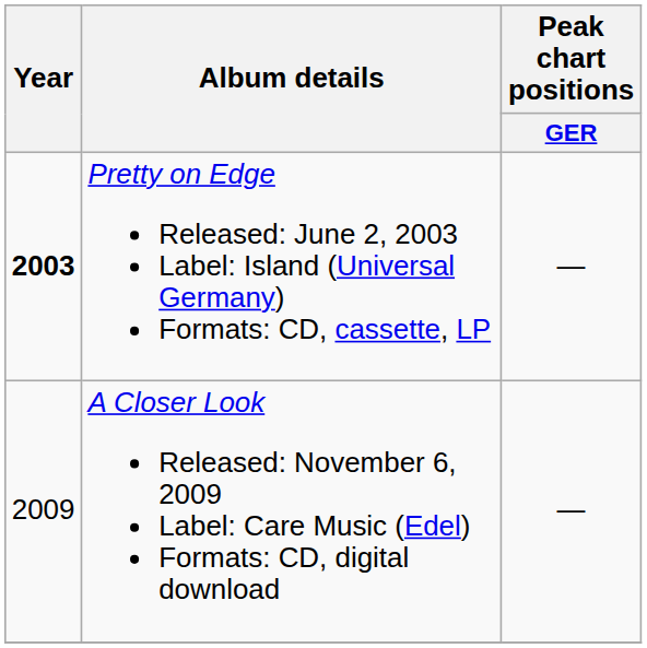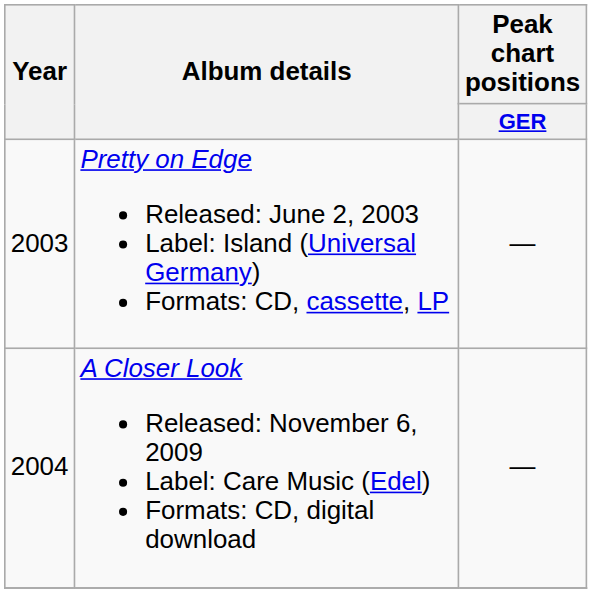 <table class="wikitable" style=text-align:center;>
 <tr>
 <th rowspan="2">Year</th>
 <th rowspan="2" width="230">Album details</th>
 <th colspan="1">Peak chart positions</th>
 </tr>
 <tr>
 <th style="width:3em;font-size:85%"><a href='#'>GER</a><br></th>
 </tr>
 <tr>
-<td><strong>2003</strong></td>
+<td>2003</td>
 <td align="left"><em><a href='#'>Pretty on Edge</a></em><br><ul><li>Released: June 2, 2003</li><li>Label: Island (<a href='#'>Universal Germany</a>)</li><li>Formats: CD, <a href='#'>cassette</a>, <a href='#'>LP</a></li></ul></td>
 <td>—</td>
 </tr>
 <tr>
-<td>2009</td>
+<td>2004</td>
 <td align="left"><em><a href='#'>A Closer Look</a></em><br><ul><li>Released: November 6, 2009</li><li>Label: Care Music (<a href='#'>Edel</a>)</li><li>Formats: CD, digital download</li></ul></td>
 <td>—</td>
 </tr>
 <tr>
 </tr>
 </table>
